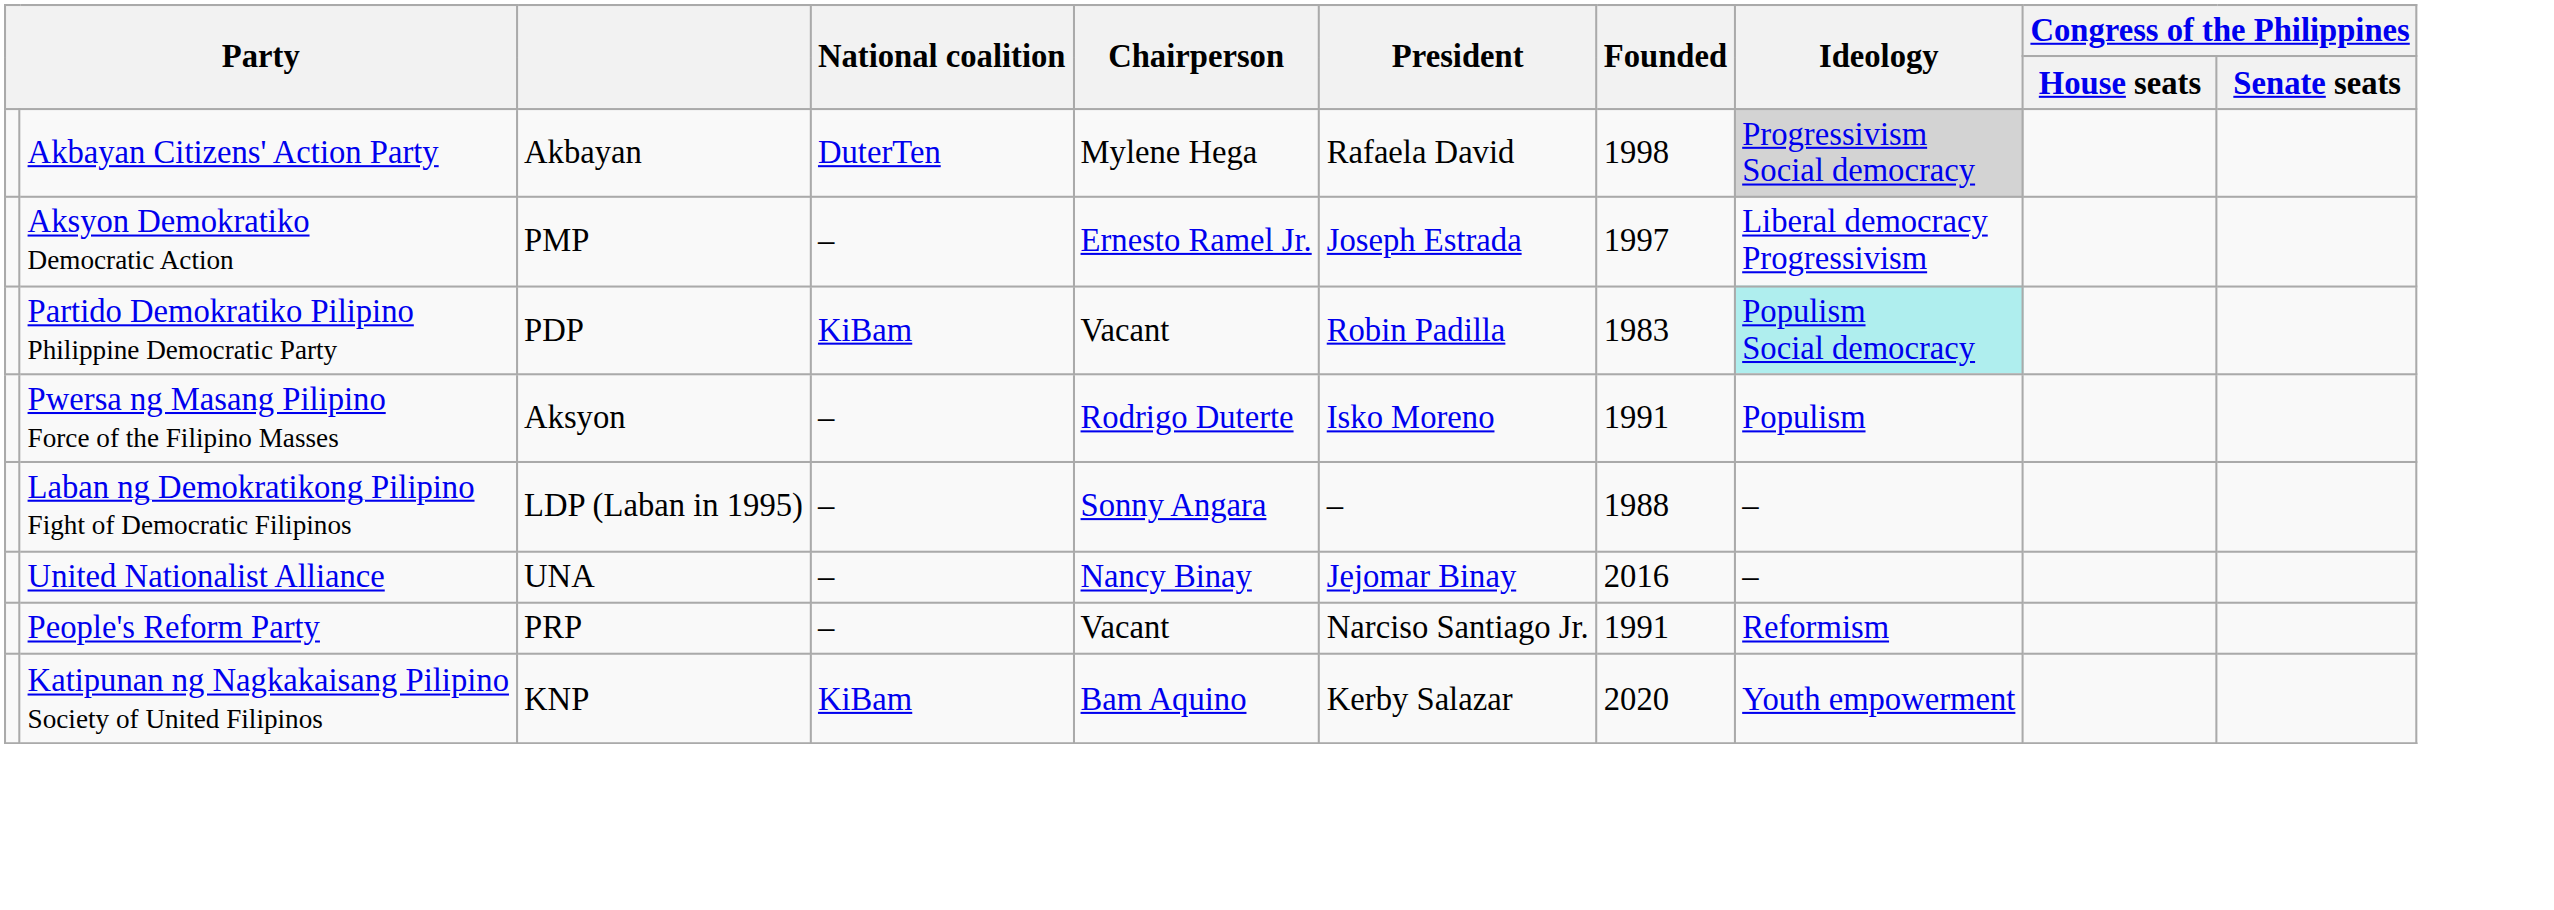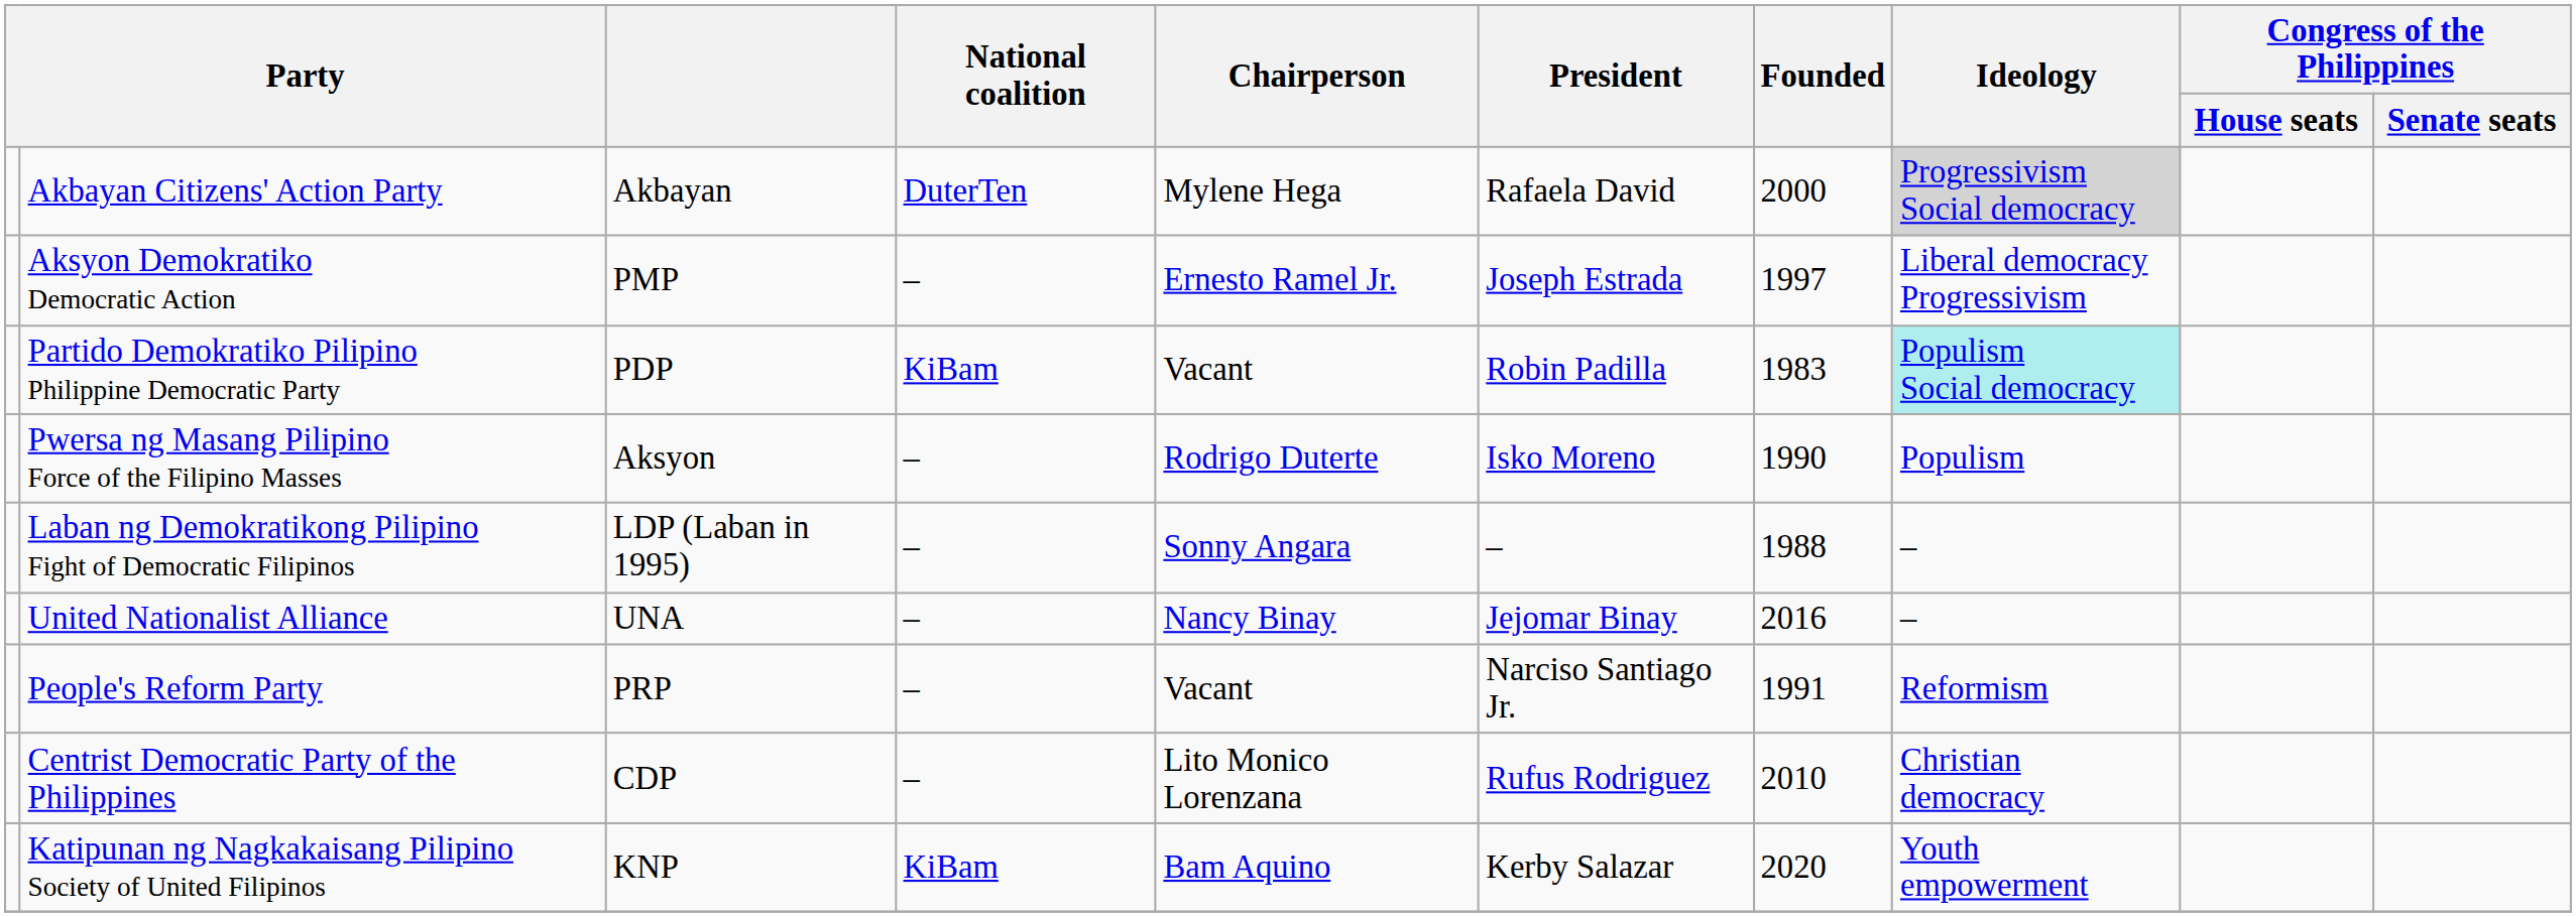 <table class="wikitable sortable">
 <tr>
 <th colspan="2" rowspan="2">Party</th>
 <th rowspan="2"></th>
 <th rowspan="2">National coalition</th>
 <th rowspan="2">Chairperson</th>
 <th rowspan="2">President</th>
 <th rowspan="2">Founded</th>
 <th rowspan="2">Ideology</th>
 <th colspan="2"><a href='#'>Congress of the Philippines</a></th>
 </tr>
 <tr>
 <th><a href='#'>House</a> seats</th>
 <th><a href='#'>Senate</a> seats</th>
 </tr>
 <tr>
 <td style="background:"></td>
 <td><a href='#'>Akbayan Citizens' Action Party</a></td>
 <td>Akbayan</td>
 <td><a href='#'>DuterTen</a></td>
 <td>Mylene Hega</td>
 <td>Rafaela David</td>
-<td>1998</td>
+<td>2000</td>
 <td style="background: lightgrey;"><a href='#'>Progressivism</a><br><a href='#'>Social democracy</a></td>
 <td></td>
 <td></td>
 </tr>
 <tr>
 <td style="background:"></td>
 <td><a href='#'>Aksyon Demokratiko</a><br><small>Democratic Action</small></td>
 <td>PMP</td>
 <td>–</td>
 <td><a href='#'>Ernesto Ramel Jr.</a></td>
 <td><a href='#'>Joseph Estrada</a></td>
 <td>1997</td>
 <td><a href='#'>Liberal democracy</a><br><a href='#'>Progressivism</a></td>
 <td></td>
 <td></td>
 </tr>
 <tr>
 <td style="background:"></td>
 <td><a href='#'>Partido Demokratiko Pilipino</a><br><small>Philippine Democratic Party</small></td>
 <td>PDP</td>
 <td><a href='#'>KiBam</a></td>
 <td>Vacant</td>
 <td><a href='#'>Robin Padilla</a></td>
 <td>1983</td>
 <td style="background: paleturquoise;"><a href='#'>Populism</a><br><a href='#'>Social democracy</a></td>
 <td></td>
 <td></td>
 </tr>
 <tr>
 <td style="background:"></td>
 <td><a href='#'>Pwersa ng Masang Pilipino</a><br><small>Force of the Filipino Masses</small></td>
 <td>Aksyon</td>
 <td>–</td>
 <td><a href='#'>Rodrigo Duterte</a></td>
 <td><a href='#'>Isko Moreno</a></td>
-<td>1991</td>
+<td>1990</td>
 <td><a href='#'>Populism</a></td>
 <td></td>
 <td></td>
 </tr>
 <tr>
 <td style="background:"></td>
 <td><a href='#'>Laban ng Demokratikong Pilipino</a><br><small>Fight of Democratic Filipinos</small></td>
 <td>LDP (Laban in 1995)</td>
 <td>–</td>
 <td><a href='#'>Sonny Angara</a></td>
 <td>–</td>
 <td>1988</td>
 <td>–</td>
 <td></td>
 <td></td>
 </tr>
 <tr>
 <td style="background:"></td>
 <td><a href='#'>United Nationalist Alliance</a></td>
 <td>UNA</td>
 <td>–</td>
 <td><a href='#'>Nancy Binay</a></td>
 <td><a href='#'>Jejomar Binay</a></td>
 <td>2016</td>
 <td>–</td>
 <td></td>
 <td></td>
 </tr>
 <tr>
 <td style="background:"></td>
 <td><a href='#'>People's Reform Party</a></td>
 <td>PRP</td>
 <td>–</td>
 <td>Vacant</td>
 <td>Narciso Santiago Jr.</td>
 <td>1991</td>
 <td><a href='#'>Reformism</a></td>
 <td></td>
 <td></td>
 </tr>
 <tr>
 <td style="background:"></td>
+<td><a href='#'>Centrist Democratic Party of the Philippines</a></td>
+<td>CDP</td>
+<td>–</td>
+<td>Lito Monico Lorenzana</td>
+<td><a href='#'>Rufus Rodriguez</a></td>
+<td>2010</td>
+<td><a href='#'>Christian democracy</a></td>
+<td></td>
+<td></td>
+</tr>
+<tr>
+<td style="background:"></td>
 <td><a href='#'>Katipunan ng Nagkakaisang Pilipino</a><br><small>Society of United Filipinos</small></td>
 <td>KNP</td>
 <td><a href='#'>KiBam</a></td>
 <td><a href='#'>Bam Aquino</a></td>
 <td>Kerby Salazar</td>
 <td>2020</td>
 <td><a href='#'>Youth empowerment</a></td>
 <td></td>
 <td></td>
 </tr>
 <tr>
 </tr>
 </table>
